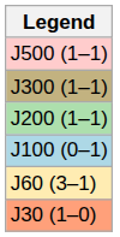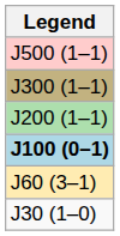 <table class="wikitable" style="font-size:85%;">
 <tr>
 <th>Legend</th>
 </tr>
 <tr bgcolor="ffcccc">
 <td>J500 (1–1)</td>
 </tr>
 <tr bgcolor="C2B280">
 <td>J300 (1–1)</td>
 </tr>
 <tr bgcolor="ADDFAD">
 <td>J200 (1–1)</td>
 </tr>
 <tr bgcolor="lightblue">
-<td>J100 (0–1)</td>
+<td><strong>J100 (0–1)</strong></td>
 </tr>
 <tr bgcolor="ffecb2">
 <td>J60 (3–1)</td>
 </tr>
 <tr>
-<td style="background: lightsalmon;">J30 (1–0)</td>
+<td>J30 (1–0)</td>
 </tr>
 </table>
